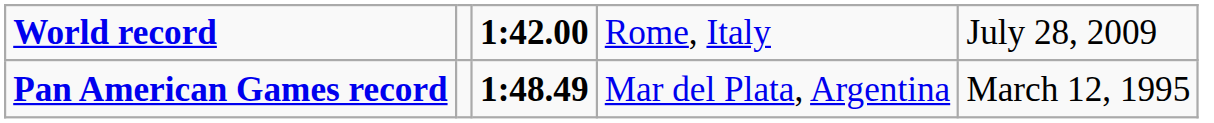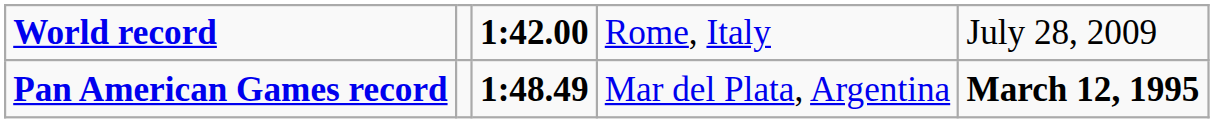 <table class="wikitable">
 <tr>
 <td><strong><a href='#'>World record</a></strong></td>
 <td></td>
 <td><strong>1:42.00</strong></td>
 <td><a href='#'>Rome</a>, <a href='#'>Italy</a></td>
 <td>July 28, 2009</td>
 </tr>
 <tr>
 <td><strong><a href='#'>Pan American Games record</a></strong></td>
 <td></td>
 <td><strong>1:48.49</strong></td>
 <td><a href='#'>Mar del Plata</a>, <a href='#'>Argentina</a></td>
-<td>March 12, 1995</td>
+<td><strong>March 12, 1995</strong></td>
 </tr>
 </table>
